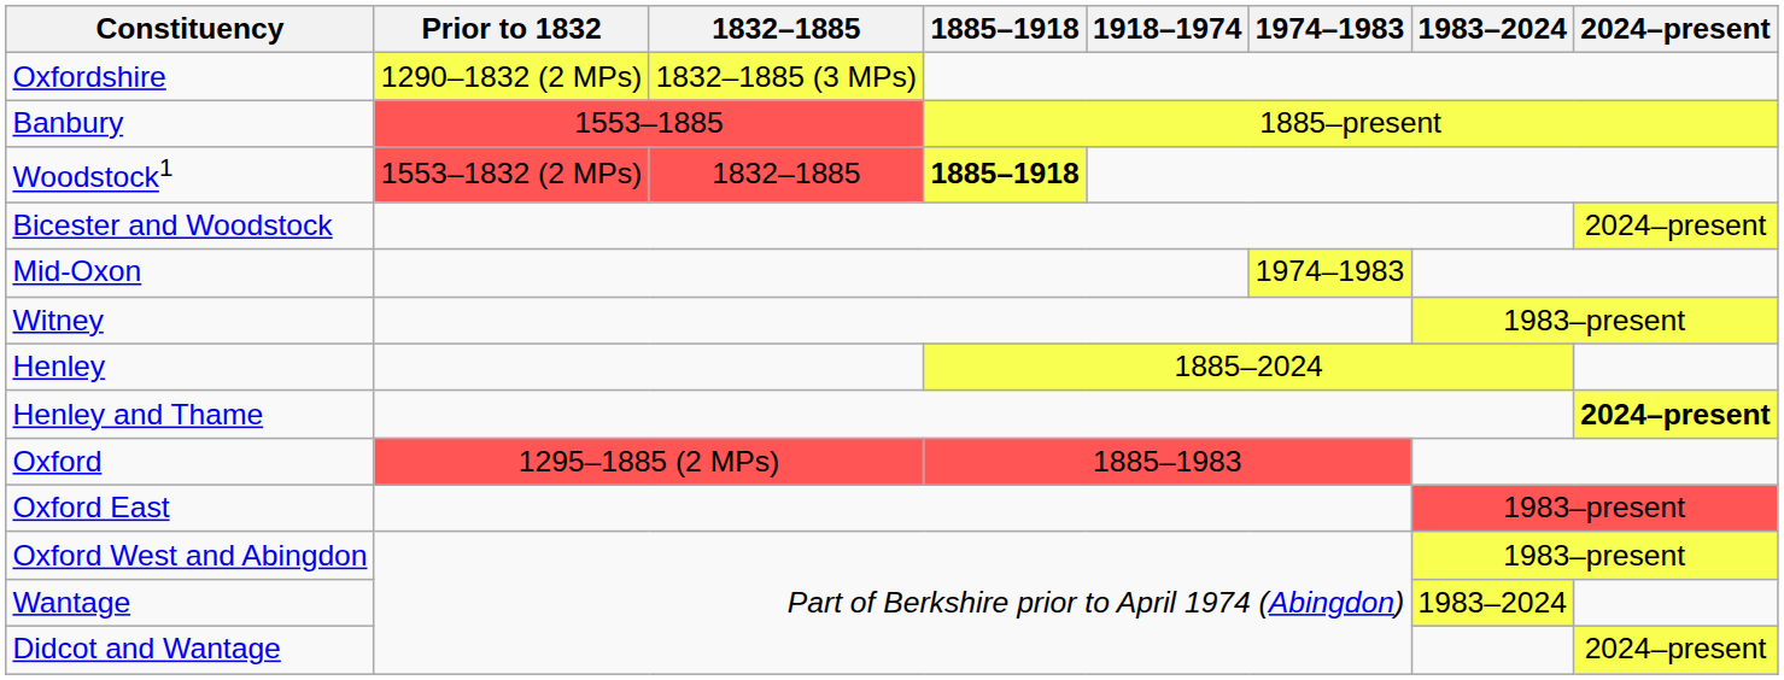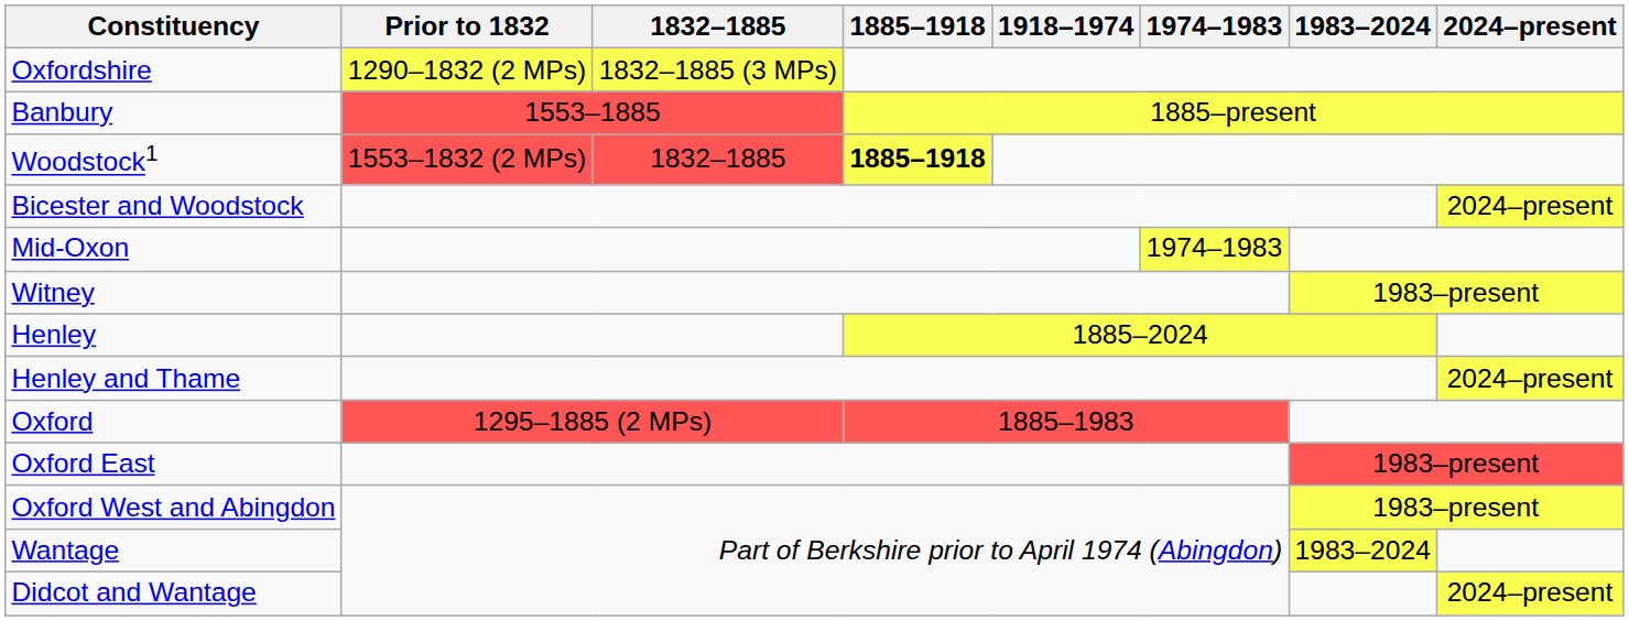 <table class="wikitable">
 <tr>
 <th>Constituency</th>
 <th>Prior to 1832</th>
 <th>1832–1885</th>
 <th>1885–1918</th>
 <th>1918–1974</th>
 <th>1974–1983</th>
 <th>1983–2024</th>
 <th>2024–present</th>
 </tr>
 <tr>
 <td><a href='#'>Oxfordshire</a></td>
 <td align="center" bgcolor="#f9ff50">1290–1832 (2 MPs)</td>
 <td align="center" bgcolor="#f9ff50">1832–1885 (3 MPs)</td>
 <td colspan="5"></td>
 </tr>
 <tr>
 <td><a href='#'>Banbury</a></td>
 <td align="center" bgcolor="#ff5555" colspan="2">1553–1885</td>
 <td colspan="5" align="center" bgcolor="#f9ff50">1885–present</td>
 </tr>
 <tr>
 <td><a href='#'>Woodstock</a><sup>1</sup></td>
 <td align="center" bgcolor="#ff5555">1553–1832 (2 MPs)</td>
 <td align="center" bgcolor="#ff5555">1832–1885</td>
 <td align="center" bgcolor="#f9ff50"><strong>1885–1918</strong></td>
 <td colspan="4"></td>
 </tr>
 <tr>
 <td><a href='#'>Bicester and Woodstock</a></td>
 <td colspan="6"></td>
 <td align="center" bgcolor="#f9ff50">2024–present</td>
 </tr>
 <tr>
 <td><a href='#'>Mid-Oxon</a></td>
 <td colspan="4"></td>
 <td align="center" bgcolor="#f9ff50">1974–1983</td>
 <td colspan="2"></td>
 </tr>
 <tr>
 <td><a href='#'>Witney</a></td>
 <td colspan="5"></td>
 <td colspan="2" align="center" bgcolor="#f9ff50">1983–present</td>
 </tr>
 <tr>
 <td><a href='#'>Henley</a></td>
 <td colspan="2"></td>
 <td colspan="4" align="center" bgcolor="#f9ff50">1885–2024</td>
 <td></td>
 </tr>
 <tr>
 <td><a href='#'>Henley and Thame</a></td>
 <td colspan="6"></td>
-<td align="center" bgcolor="#f9ff50"><strong>2024–present</strong></td>
+<td align="center" bgcolor="#f9ff50">2024–present</td>
 </tr>
 <tr>
 <td><a href='#'>Oxford</a></td>
 <td colspan="2" align="center" bgcolor="#ff5555">1295–1885 (2 MPs)</td>
 <td colspan="3" align="center" bgcolor="#ff5555">1885–1983</td>
 <td colspan="2"></td>
 </tr>
 <tr>
 <td><a href='#'>Oxford East</a></td>
 <td colspan="5"></td>
 <td colspan="2" align="center" bgcolor="#ff5555">1983–present</td>
 </tr>
 <tr>
 <td><a href='#'>Oxford West and Abingdon</a></td>
 <td colspan="5" rowspan="3" align="right"><em>Part of Berkshire prior to April 1974 (<a href='#'>Abingdon</a>)</em></td>
 <td colspan="2" align="center" bgcolor="#f9ff50">1983–present</td>
 </tr>
 <tr>
 <td><a href='#'>Wantage</a></td>
 <td align="center" bgcolor="#f9ff50">1983–2024</td>
 <td></td>
 </tr>
 <tr>
 <td><a href='#'>Didcot and Wantage</a></td>
 <td></td>
 <td align="center" bgcolor="#f9ff50">2024–present</td>
 </tr>
 </table>
